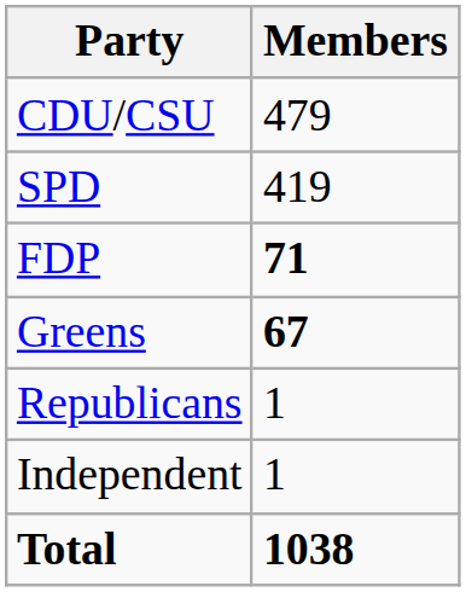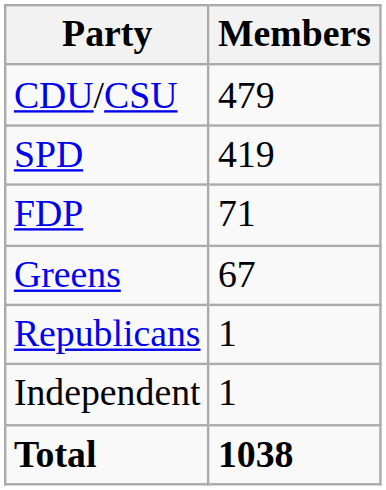 <table class="wikitable" style="float:left; margin-right:20px; margin-top:0;">
 <tr>
 <th>Party</th>
 <th>Members</th>
 </tr>
 <tr>
 <td><a href='#'>CDU</a>/<a href='#'>CSU</a></td>
 <td>479</td>
 </tr>
 <tr>
 <td><a href='#'>SPD</a></td>
 <td>419</td>
 </tr>
 <tr>
 <td><a href='#'>FDP</a></td>
-<td><strong>71</strong></td>
+<td>71</td>
 </tr>
 <tr>
 <td><a href='#'>Greens</a></td>
-<td><strong>67</strong></td>
+<td>67</td>
 </tr>
 <tr>
 <td><a href='#'>Republicans</a></td>
 <td>1</td>
 </tr>
 <tr>
 <td>Independent</td>
 <td>1</td>
 </tr>
 <tr>
 <td><strong>Total</strong></td>
 <td><strong>1038</strong></td>
 </tr>
 </table>
